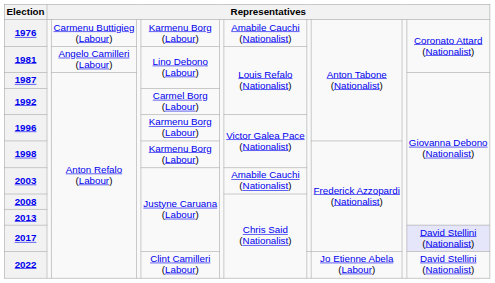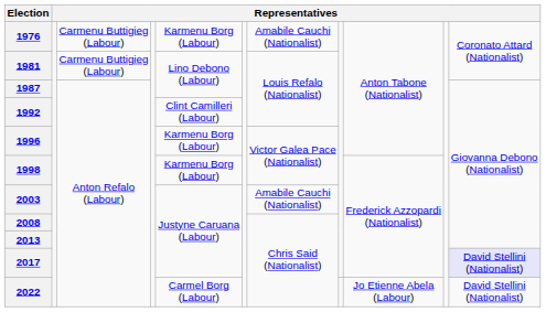 <table class="wikitable" style="text-align:center">
 <tr>
 <th>Election</th>
 <th colspan=10>Representatives</th>
 </tr>
 <tr>
 <th><a href='#'>1976</a></th>
 <td rowspan=11; style="background-color: "></td>
 <td rowspan=1><a href='#'>Carmenu Buttigieg</a><br>(<a href='#'>Labour</a>)</td>
 <td rowspan=11; style="background-color: "></td>
 <td rowspan=1><a href='#'>Karmenu Borg</a><br>(<a href='#'>Labour</a>)</td>
 <td rowspan=11; style="background-color: "></td>
 <td rowspan=1><a href='#'>Amabile Cauchi</a><br>(<a href='#'>Nationalist</a>)</td>
 <td rowspan=10; style="background-color: "></td>
 <td rowspan=5><a href='#'>Anton Tabone</a><br>(<a href='#'>Nationalist</a>)</td>
 <td rowspan=11; style="background-color: "></td>
 <td rowspan=2><a href='#'>Coronato Attard</a><br>(<a href='#'>Nationalist</a>)</td>
 </tr>
 <tr>
 <th><a href='#'>1981</a></th>
-<td rowspan=1><a href='#'>Angelo Camilleri</a><br>(<a href='#'>Labour</a>)</td>
+<td rowspan=1><a href='#'>Carmenu Buttigieg</a><br>(<a href='#'>Labour</a>)</td>
 <td rowspan=2><a href='#'>Lino Debono</a><br>(<a href='#'>Labour</a>)</td>
 <td rowspan=3><a href='#'>Louis Refalo</a><br>(<a href='#'>Nationalist</a>)</td>
 </tr>
 <tr>
 <th><a href='#'>1987</a></th>
 <td rowspan=9><a href='#'>Anton Refalo</a><br>(<a href='#'>Labour</a>)</td>
 <td rowspan=7><a href='#'>Giovanna Debono</a><br>(<a href='#'>Nationalist</a>)</td>
 </tr>
 <tr>
 <th><a href='#'>1992</a></th>
-<td rowspan=1><a href='#'>Carmel Borg</a><br>(<a href='#'>Labour</a>)</td>
+<td rowspan=1><a href='#'>Clint Camilleri</a><br>(<a href='#'>Labour</a>)</td>
 </tr>
 <tr>
 <th><a href='#'>1996</a></th>
 <td rowspan=1><a href='#'>Karmenu Borg</a><br>(<a href='#'>Labour</a>)</td>
 <td rowspan=2><a href='#'>Victor Galea Pace</a><br>(<a href='#'>Nationalist</a>)</td>
 </tr>
 <tr>
 <th><a href='#'>1998</a></th>
 <td rowspan=1><a href='#'>Karmenu Borg</a><br>(<a href='#'>Labour</a>)</td>
 <td rowspan=5><a href='#'>Frederick Azzopardi</a><br>(<a href='#'>Nationalist</a>)</td>
 </tr>
 <tr>
 <th><a href='#'>2003</a></th>
 <td rowspan=4><a href='#'>Justyne Caruana</a><br>(<a href='#'>Labour</a>)</td>
 <td rowspan=1><a href='#'>Amabile Cauchi</a><br>(<a href='#'>Nationalist</a>)</td>
 </tr>
 <tr>
 <th><a href='#'>2008</a></th>
 <td rowspan=4><a href='#'>Chris Said</a><br>(<a href='#'>Nationalist</a>)</td>
 </tr>
 <tr>
 <th><a href='#'>2013</a></th>
 </tr>
 <tr>
 <th><a href='#'>2017</a></th>
 <td style="background: lavender;"><a href='#'>David Stellini</a><br>(<a href='#'>Nationalist</a>)</td>
 </tr>
 <tr>
 <th><a href='#'>2022</a></th>
-<td rowspan=1><a href='#'>Clint Camilleri</a><br>(<a href='#'>Labour</a>)</td>
+<td rowspan=1><a href='#'>Carmel Borg</a><br>(<a href='#'>Labour</a>)</td>
 <td rowspan=1; style="background-color: "></td>
 <td rowspan=1><a href='#'>Jo Etienne Abela</a><br>(<a href='#'>Labour</a>)</td>
 <td><a href='#'>David Stellini</a><br>(<a href='#'>Nationalist</a>)</td>
 </tr>
 </table>
